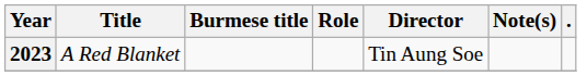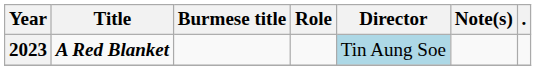 <table class="wikitable plainrowheaders sortable">
 <tr>
 <th scope="col">Year</th>
 <th scope="col">Title</th>
 <th scope="col">Burmese title</th>
 <th scope="col" class="unsortable">Role</th>
 <th scope="col" class="unsortable">Director</th>
 <th scope="col" class="unsortable">Note(s)</th>
 <th scope="col" class="unsortable">.</th>
 </tr>
 <tr>
 <th scope="row">2023</th>
-<td><em>A Red Blanket</em></td>
+<td><strong><em>A Red Blanket</em></strong></td>
 <td></td>
 <td></td>
-<td>Tin Aung Soe</td>
+<td style="background: lightblue;">Tin Aung Soe</td>
 <td></td>
 <td style="text-align:center;"></td>
 </tr>
 <tr>
 </tr>
 </table>
